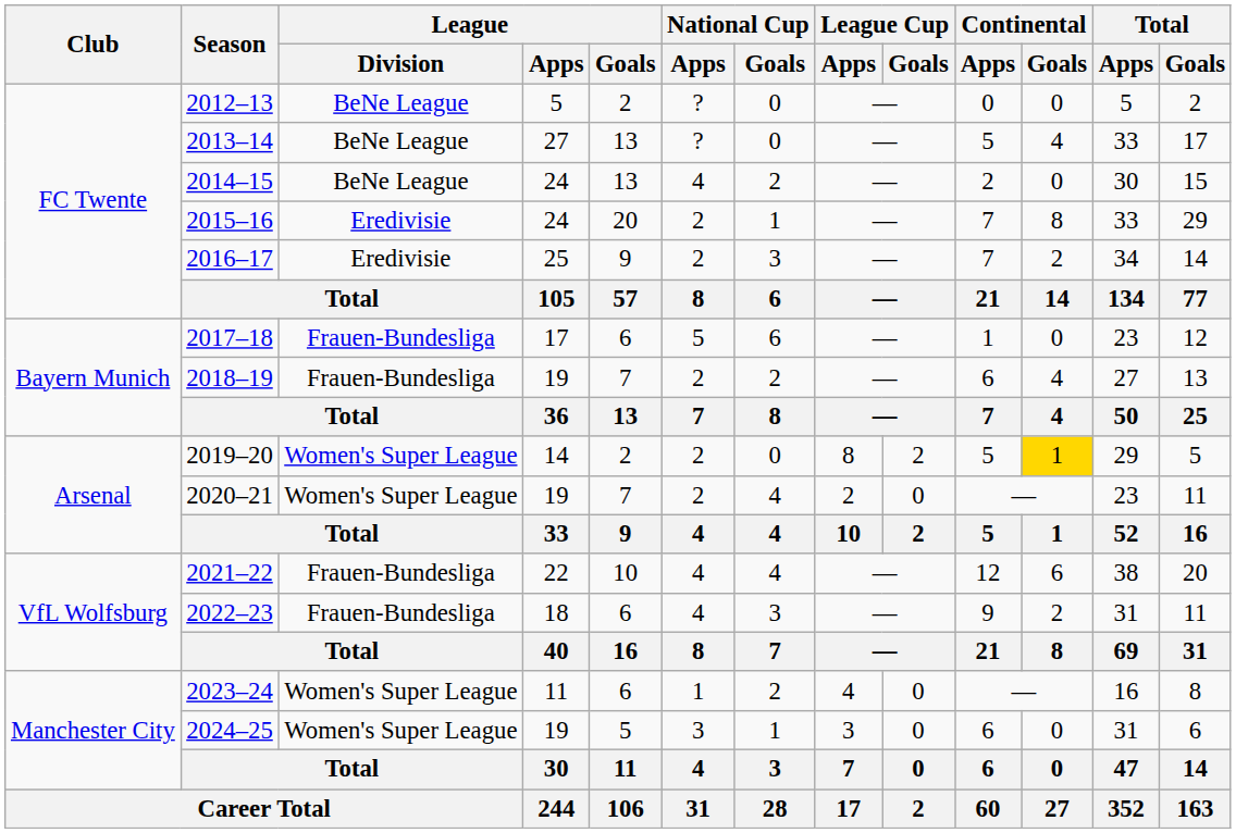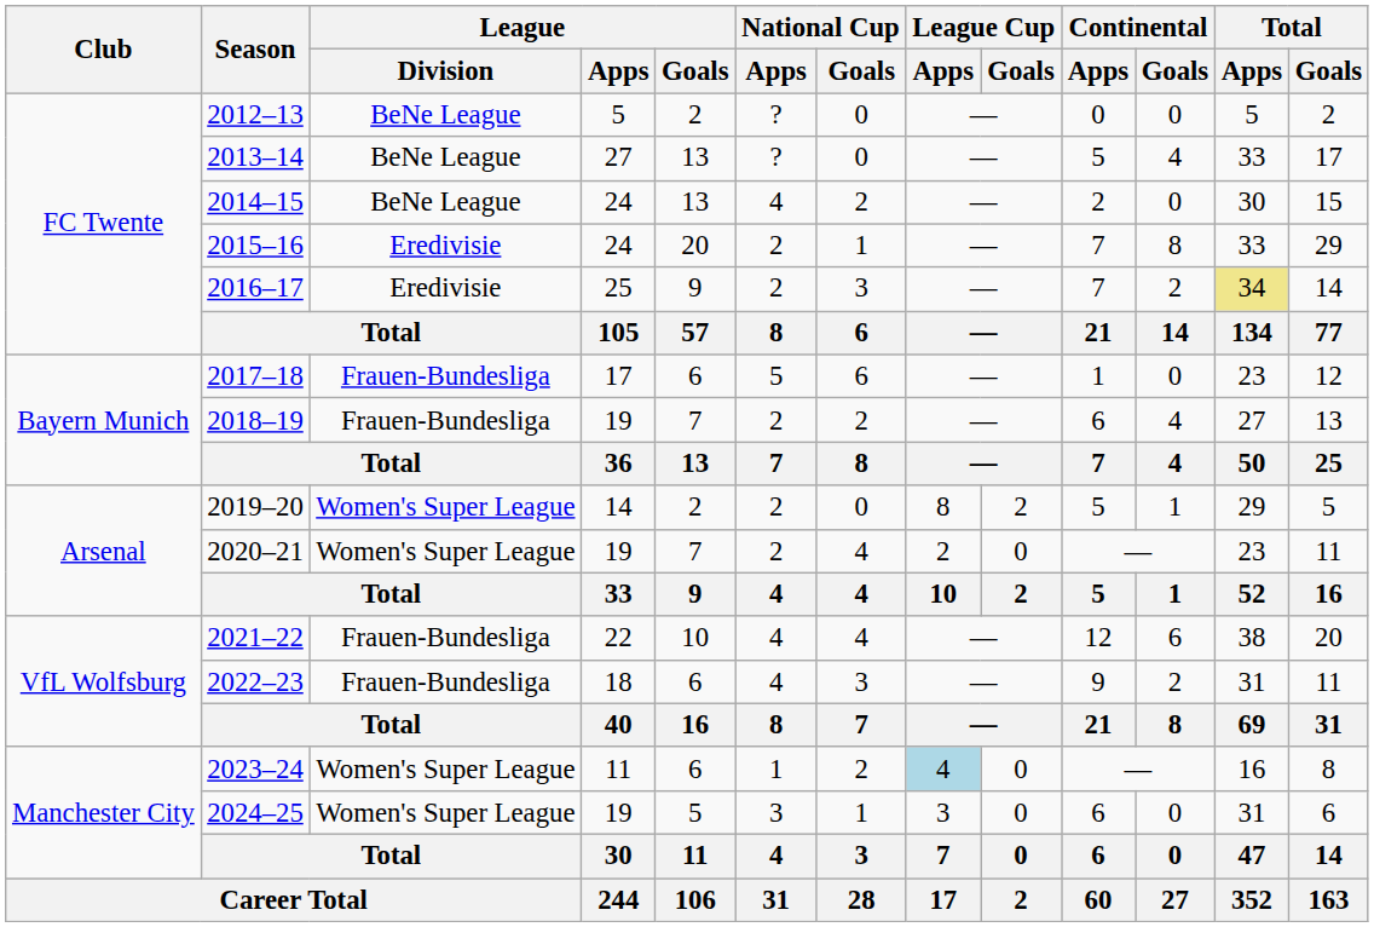 <table class="wikitable" style="text-align:center">
 <tr>
 <th rowspan="2">Club</th>
 <th rowspan="2">Season</th>
 <th colspan="3">League</th>
 <th colspan="2">National Cup</th>
 <th colspan="2">League Cup</th>
 <th colspan="2">Continental</th>
 <th colspan="2">Total</th>
 </tr>
 <tr>
 <th>Division</th>
 <th>Apps</th>
 <th>Goals</th>
 <th>Apps</th>
 <th>Goals</th>
 <th>Apps</th>
 <th>Goals</th>
 <th>Apps</th>
 <th>Goals</th>
 <th>Apps</th>
 <th>Goals</th>
 </tr>
 <tr>
 <td rowspan="6"><a href='#'>FC Twente</a></td>
 <td><a href='#'>2012–13</a></td>
 <td><a href='#'>BeNe League</a></td>
 <td>5</td>
 <td>2</td>
 <td>?</td>
 <td>0</td>
 <td colspan="2">—</td>
 <td>0</td>
 <td>0</td>
 <td>5</td>
 <td>2</td>
 </tr>
 <tr>
 <td><a href='#'>2013–14</a></td>
 <td>BeNe League</td>
 <td>27</td>
 <td>13</td>
 <td>?</td>
 <td>0</td>
 <td colspan="2">—</td>
 <td>5</td>
 <td>4</td>
 <td>33</td>
 <td>17</td>
 </tr>
 <tr>
 <td><a href='#'>2014–15</a></td>
 <td>BeNe League</td>
 <td>24</td>
 <td>13</td>
 <td>4</td>
 <td>2</td>
 <td colspan="2">—</td>
 <td>2</td>
 <td>0</td>
 <td>30</td>
 <td>15</td>
 </tr>
 <tr>
 <td><a href='#'>2015–16</a></td>
 <td><a href='#'>Eredivisie</a></td>
 <td>24</td>
 <td>20</td>
 <td>2</td>
 <td>1</td>
 <td colspan="2">—</td>
 <td>7</td>
 <td>8</td>
 <td>33</td>
 <td>29</td>
 </tr>
 <tr>
 <td><a href='#'>2016–17</a></td>
 <td>Eredivisie</td>
 <td>25</td>
 <td>9</td>
 <td>2</td>
 <td>3</td>
 <td colspan="2">—</td>
 <td>7</td>
 <td>2</td>
-<td>34</td>
+<td style="background: khaki;">34</td>
 <td>14</td>
 </tr>
 <tr>
 <th colspan="2">Total</th>
 <th>105</th>
 <th>57</th>
 <th>8</th>
 <th>6</th>
 <th colspan="2">—</th>
 <th>21</th>
 <th>14</th>
 <th>134</th>
 <th>77</th>
 </tr>
 <tr>
 <td rowspan="3"><a href='#'>Bayern Munich</a></td>
 <td><a href='#'>2017–18</a></td>
 <td><a href='#'>Frauen-Bundesliga</a></td>
 <td>17</td>
 <td>6</td>
 <td>5</td>
 <td>6</td>
 <td colspan="2">—</td>
 <td>1</td>
 <td>0</td>
 <td>23</td>
 <td>12</td>
 </tr>
 <tr>
 <td><a href='#'>2018–19</a></td>
 <td>Frauen-Bundesliga</td>
 <td>19</td>
 <td>7</td>
 <td>2</td>
 <td>2</td>
 <td colspan="2">—</td>
 <td>6</td>
 <td>4</td>
 <td>27</td>
 <td>13</td>
 </tr>
 <tr>
 <th colspan="2">Total</th>
 <th>36</th>
 <th>13</th>
 <th>7</th>
 <th>8</th>
 <th colspan="2">—</th>
 <th>7</th>
 <th>4</th>
 <th>50</th>
 <th>25</th>
 </tr>
 <tr>
 <td rowspan="3"><a href='#'>Arsenal</a></td>
 <td>2019–20</td>
 <td><a href='#'>Women's Super League</a></td>
 <td>14</td>
 <td>2</td>
 <td>2</td>
 <td>0</td>
 <td>8</td>
 <td>2</td>
 <td>5</td>
-<td style="background: gold;">1</td>
+<td>1</td>
 <td>29</td>
 <td>5</td>
 </tr>
 <tr>
 <td>2020–21</td>
 <td>Women's Super League</td>
 <td>19</td>
 <td>7</td>
 <td>2</td>
 <td>4</td>
 <td>2</td>
 <td>0</td>
 <td colspan="2">—</td>
 <td>23</td>
 <td>11</td>
 </tr>
 <tr>
 <th colspan="2">Total</th>
 <th>33</th>
 <th>9</th>
 <th>4</th>
 <th>4</th>
 <th>10</th>
 <th>2</th>
 <th>5</th>
 <th>1</th>
 <th>52</th>
 <th>16</th>
 </tr>
 <tr>
 <td rowspan="3"><a href='#'>VfL Wolfsburg</a></td>
 <td><a href='#'>2021–22</a></td>
 <td>Frauen-Bundesliga</td>
 <td>22</td>
 <td>10</td>
 <td>4</td>
 <td>4</td>
 <td colspan="2">—</td>
 <td>12</td>
 <td>6</td>
 <td>38</td>
 <td>20</td>
 </tr>
 <tr>
 <td><a href='#'>2022–23</a></td>
 <td>Frauen-Bundesliga</td>
 <td>18</td>
 <td>6</td>
 <td>4</td>
 <td>3</td>
 <td colspan="2">—</td>
 <td>9</td>
 <td>2</td>
 <td>31</td>
 <td>11</td>
 </tr>
 <tr>
 <th colspan="2">Total</th>
 <th>40</th>
 <th>16</th>
 <th>8</th>
 <th>7</th>
 <th colspan="2">—</th>
 <th>21</th>
 <th>8</th>
 <th>69</th>
 <th>31</th>
 </tr>
 <tr>
 <td rowspan="3"><a href='#'>Manchester City</a></td>
 <td><a href='#'>2023–24</a></td>
 <td>Women's Super League</td>
 <td>11</td>
 <td>6</td>
 <td>1</td>
 <td>2</td>
-<td>4</td>
+<td style="background: lightblue;">4</td>
 <td>0</td>
 <td colspan="2">—</td>
 <td>16</td>
 <td>8</td>
 </tr>
 <tr>
 <td><a href='#'>2024–25</a></td>
 <td>Women's Super League</td>
 <td>19</td>
 <td>5</td>
 <td>3</td>
 <td>1</td>
 <td>3</td>
 <td>0</td>
 <td>6</td>
 <td>0</td>
 <td>31</td>
 <td>6</td>
 </tr>
 <tr>
 <th colspan="2">Total</th>
 <th>30</th>
 <th>11</th>
 <th>4</th>
 <th>3</th>
 <th>7</th>
 <th>0</th>
 <th>6</th>
 <th>0</th>
 <th>47</th>
 <th>14</th>
 </tr>
 <tr>
 <th colspan="3">Career Total</th>
 <th>244</th>
 <th>106</th>
 <th>31</th>
 <th>28</th>
 <th>17</th>
 <th>2</th>
 <th>60</th>
 <th>27</th>
 <th>352</th>
 <th>163</th>
 </tr>
 </table>
